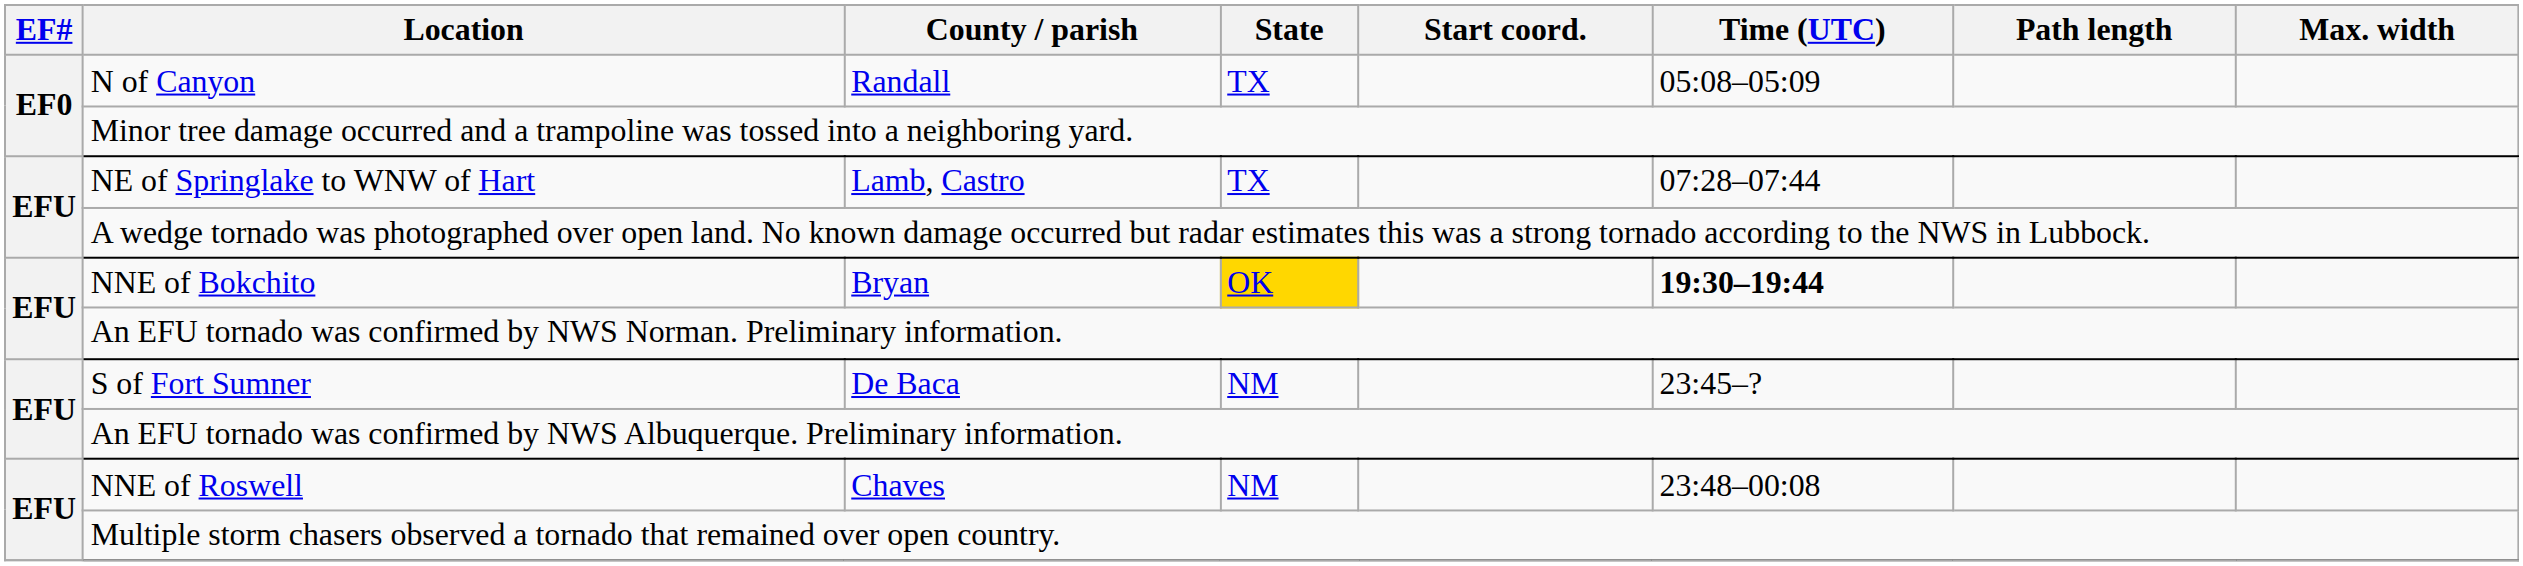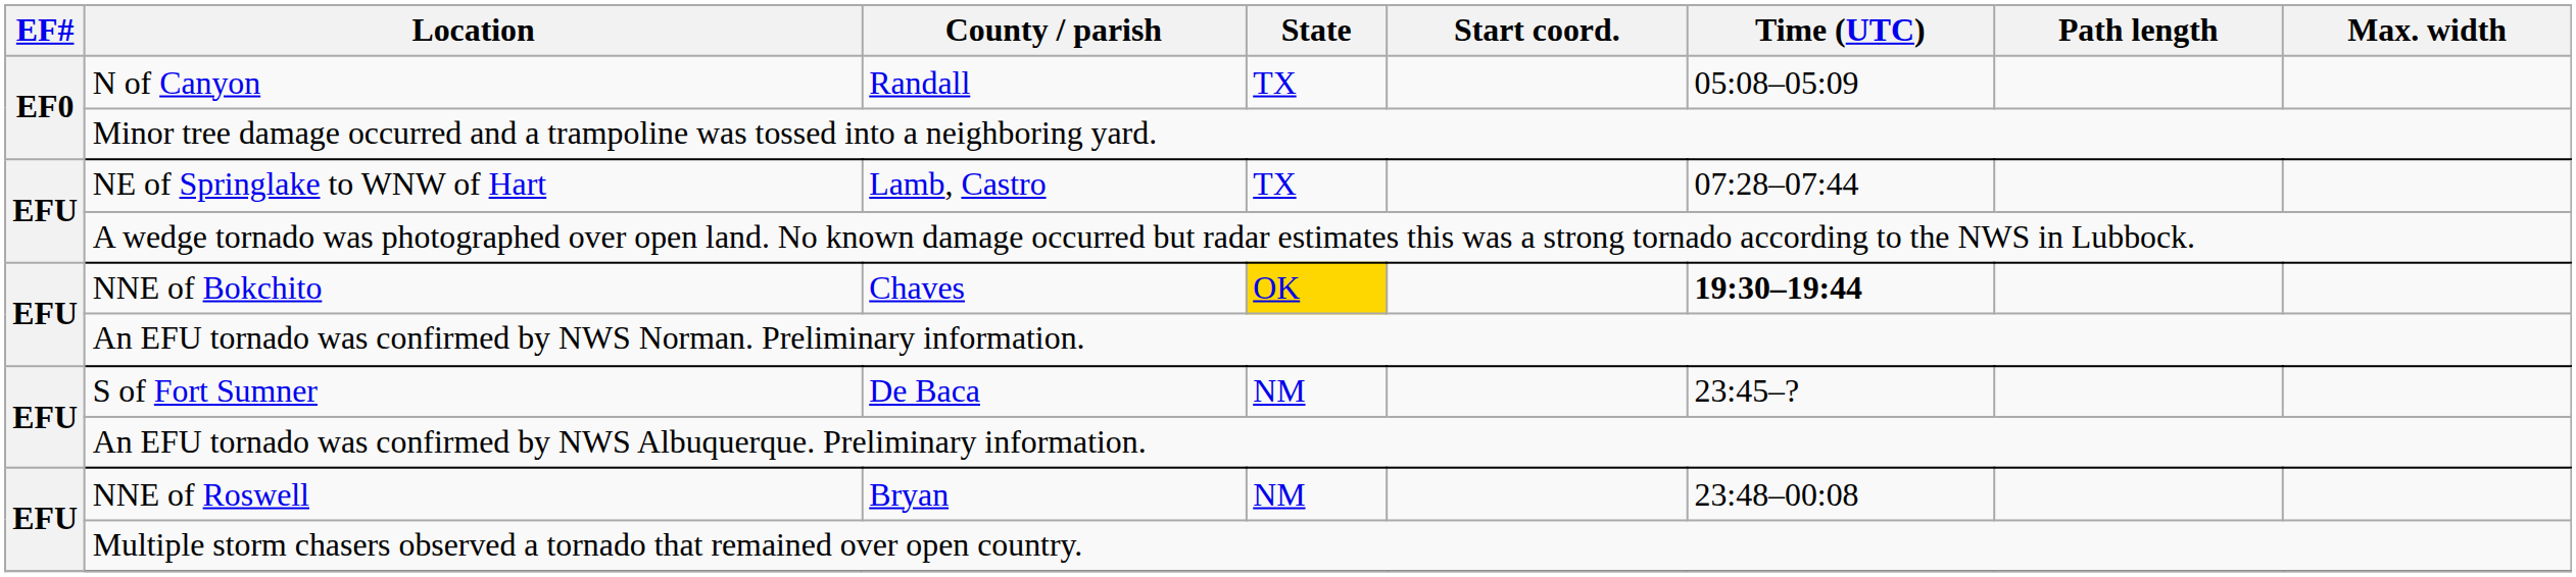 <table class="wikitable sortable" style="width:100%;">
 <tr>
 <th scope="col" width="2%" align="center"><a href='#'>EF#</a></th>
 <th scope="col" align="center" class="unsortable">Location</th>
 <th scope="col" align="center" class="unsortable">County / parish</th>
 <th scope="col" align="center">State</th>
 <th scope="col" align="center">Start coord.</th>
 <th scope="col" align="center">Time (<a href='#'>UTC</a>)</th>
 <th scope="col" align="center">Path length</th>
 <th scope="col" align="center">Max. width</th>
 </tr>
 <tr>
 <th scope="row" rowspan="2" style="background-color:#">EF0</th>
 <td>N of <a href='#'>Canyon</a></td>
 <td><a href='#'>Randall</a></td>
 <td><a href='#'>TX</a></td>
 <td></td>
 <td>05:08–05:09</td>
 <td></td>
 <td></td>
 </tr>
 <tr class="expand-child">
 <td colspan="8" style=" border-bottom: 1px solid black;">Minor tree damage occurred and a trampoline was tossed into a neighboring yard.</td>
 </tr>
 <tr>
 <th scope="row" rowspan="2" style="background-color:#">EFU</th>
 <td>NE of <a href='#'>Springlake</a> to WNW of <a href='#'>Hart</a></td>
 <td><a href='#'>Lamb</a>, <a href='#'>Castro</a></td>
 <td><a href='#'>TX</a></td>
 <td></td>
 <td>07:28–07:44</td>
 <td></td>
 <td></td>
 </tr>
 <tr class="expand-child">
 <td colspan="8" style=" border-bottom: 1px solid black;">A wedge tornado was photographed over open land. No known damage occurred but radar estimates this was a strong tornado according to the NWS in Lubbock.</td>
 </tr>
 <tr>
 <th scope="row" rowspan="2" style="background-color:#">EFU</th>
 <td>NNE of <a href='#'>Bokchito</a></td>
-<td><a href='#'>Bryan</a></td>
+<td><a href='#'>Chaves</a></td>
 <td style="background: gold;"><a href='#'>OK</a></td>
 <td></td>
 <td><strong>19:30–19:44</strong></td>
 <td></td>
 <td></td>
 </tr>
 <tr class="expand-child">
 <td colspan="8" style=" border-bottom: 1px solid black;">An EFU tornado was confirmed by NWS Norman. Preliminary information.</td>
 </tr>
 <tr>
 <th scope="row" rowspan="2" style="background-color:#">EFU</th>
 <td>S of <a href='#'>Fort Sumner</a></td>
 <td><a href='#'>De Baca</a></td>
 <td><a href='#'>NM</a></td>
 <td></td>
 <td>23:45–?</td>
 <td></td>
 <td></td>
 </tr>
 <tr class="expand-child">
 <td colspan="8" style=" border-bottom: 1px solid black;">An EFU tornado was confirmed by NWS Albuquerque. Preliminary information.</td>
 </tr>
 <tr>
 <th scope="row" rowspan="2" style="background-color:#">EFU</th>
 <td>NNE of <a href='#'>Roswell</a></td>
-<td><a href='#'>Chaves</a></td>
+<td><a href='#'>Bryan</a></td>
 <td><a href='#'>NM</a></td>
 <td></td>
 <td>23:48–00:08</td>
 <td></td>
 <td></td>
 </tr>
 <tr class="expand-child">
 <td colspan="8" style=" border-bottom: 1px solid black;">Multiple storm chasers observed a tornado that remained over open country.</td>
 </tr>
 <tr>
 </tr>
 </table>
